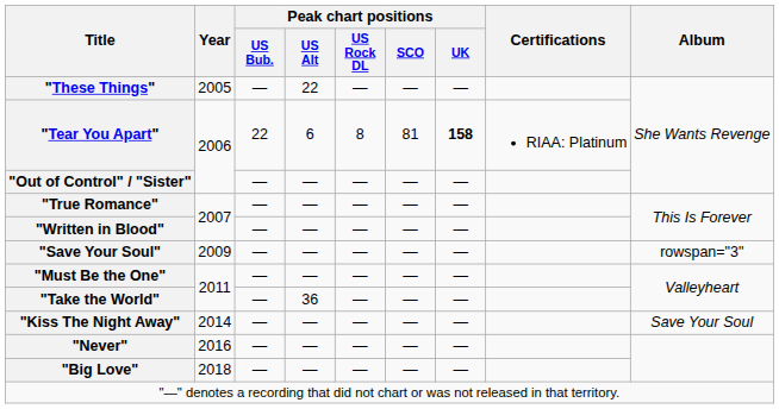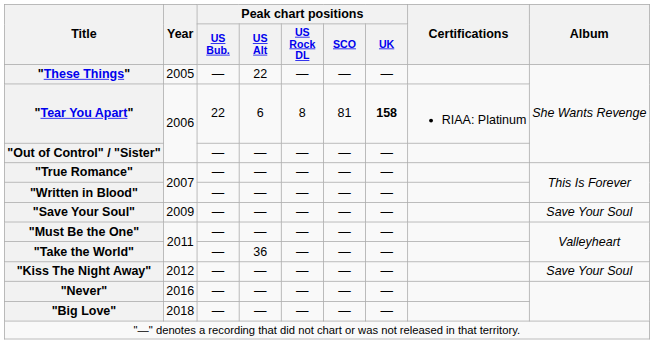 <table class="wikitable plainrowheaders" style="text-align:center;" border="1">
 <tr>
 <th scope="col" rowspan="2">Title</th>
 <th rowspan="2">Year</th>
 <th colspan="5">Peak chart positions</th>
 <th rowspan="2">Certifications</th>
 <th rowspan="2">Album</th>
 </tr>
 <tr>
 <th style="width:3.5em;font-size:85%;"><a href='#'>US<br>Bub.</a><br></th>
 <th style="width:3.5em;font-size:85%;"><a href='#'>US<br>Alt</a><br></th>
 <th style="width:3.5em;font-size:85%;"><a href='#'>US<br>Rock<br>DL</a><br></th>
 <th style="width:3.5em;font-size:85%;"><a href='#'>SCO</a><br></th>
 <th style="width:3.5em;font-size:85%;"><a href='#'>UK</a><br></th>
 </tr>
 <tr>
 <th scope="row">"<a href='#'>These Things</a>"</th>
 <td>2005</td>
 <td style="text-align:center;">—</td>
 <td style="text-align:center;">22</td>
 <td style="text-align:center;">—</td>
 <td style="text-align:center;">—</td>
 <td style="text-align:center;">—</td>
 <td></td>
 <td rowspan="3"><em>She Wants Revenge</em></td>
 </tr>
 <tr>
 <th scope="row">"<a href='#'>Tear You Apart</a>"</th>
 <td style="text-align:center;" rowspan="2">2006</td>
 <td style="text-align:center;">22</td>
 <td style="text-align:center;">6</td>
 <td style="text-align:center;">8</td>
 <td style="text-align:center;">81</td>
 <td style="text-align:center;"><strong>158</strong></td>
 <td><br><ul><li>RIAA: Platinum</li></ul></td>
 </tr>
 <tr>
 <th scope="row">"Out of Control" / "Sister"</th>
 <td style="text-align:center;">—</td>
 <td style="text-align:center;">—</td>
 <td style="text-align:center;">—</td>
 <td style="text-align:center;">—</td>
 <td style="text-align:center;">—</td>
 <td></td>
 </tr>
 <tr>
 <th scope="row">"True Romance"</th>
 <td style="text-align:center;" rowspan="2">2007</td>
 <td style="text-align:center;">—</td>
 <td style="text-align:center;">—</td>
 <td style="text-align:center;">—</td>
 <td style="text-align:center;">—</td>
 <td style="text-align:center;">—</td>
 <td></td>
 <td rowspan="2"><em>This Is Forever</em></td>
 </tr>
 <tr>
 <th scope="row">"Written in Blood"</th>
 <td style="text-align:center;">—</td>
 <td style="text-align:center;">—</td>
 <td style="text-align:center;">—</td>
 <td style="text-align:center;">—</td>
 <td style="text-align:center;">—</td>
 <td></td>
 </tr>
 <tr>
 <th scope="row">"Save Your Soul"</th>
 <td style="text-align:center;">2009</td>
 <td style="text-align:center;">—</td>
 <td style="text-align:center;">—</td>
 <td style="text-align:center;">—</td>
 <td style="text-align:center;">—</td>
 <td style="text-align:center;">—</td>
 <td></td>
-<td>rowspan="3" </td>
+<td><em>Save Your Soul</em></td>
 </tr>
 <tr>
 <th scope="row">"Must Be the One"</th>
 <td style="text-align:center;" rowspan="2">2011</td>
 <td style="text-align:center;">—</td>
 <td style="text-align:center;">—</td>
 <td style="text-align:center;">—</td>
 <td style="text-align:center;">—</td>
 <td style="text-align:center;">—</td>
 <td></td>
 <td rowspan="2"><em>Valleyheart</em></td>
 </tr>
 <tr>
 <th scope="row">"Take the World"</th>
 <td style="text-align:center;">—</td>
 <td style="text-align:center;">36</td>
 <td style="text-align:center;">—</td>
 <td style="text-align:center;">—</td>
 <td style="text-align:center;">—</td>
 <td></td>
 </tr>
 <tr>
 <th scope="row">"Kiss The Night Away"</th>
-<td style="text-align:center;">2014</td>
+<td style="text-align:center;">2012</td>
 <td style="text-align:center;">—</td>
 <td style="text-align:center;">—</td>
 <td style="text-align:center;">—</td>
 <td style="text-align:center;">—</td>
 <td style="text-align:center;">—</td>
 <td></td>
 <td><em>Save Your Soul</em></td>
 </tr>
 <tr>
 <th scope="row">"Never"</th>
 <td style="text-align:center;">2016</td>
 <td style="text-align:center;">—</td>
 <td style="text-align:center;">—</td>
 <td style="text-align:center;">—</td>
 <td style="text-align:center;">—</td>
 <td style="text-align:center;">—</td>
 <td></td>
 </tr>
 <tr>
 <th scope="row">"Big Love"</th>
 <td style="text-align:center;">2018</td>
 <td style="text-align:center;">—</td>
 <td style="text-align:center;">—</td>
 <td style="text-align:center;">—</td>
 <td style="text-align:center;">—</td>
 <td style="text-align:center;">—</td>
 <td></td>
 </tr>
 <tr>
 <td colspan="14" style="font-size:90%">"—" denotes a recording that did not chart or was not released in that territory.</td>
 </tr>
 </table>
